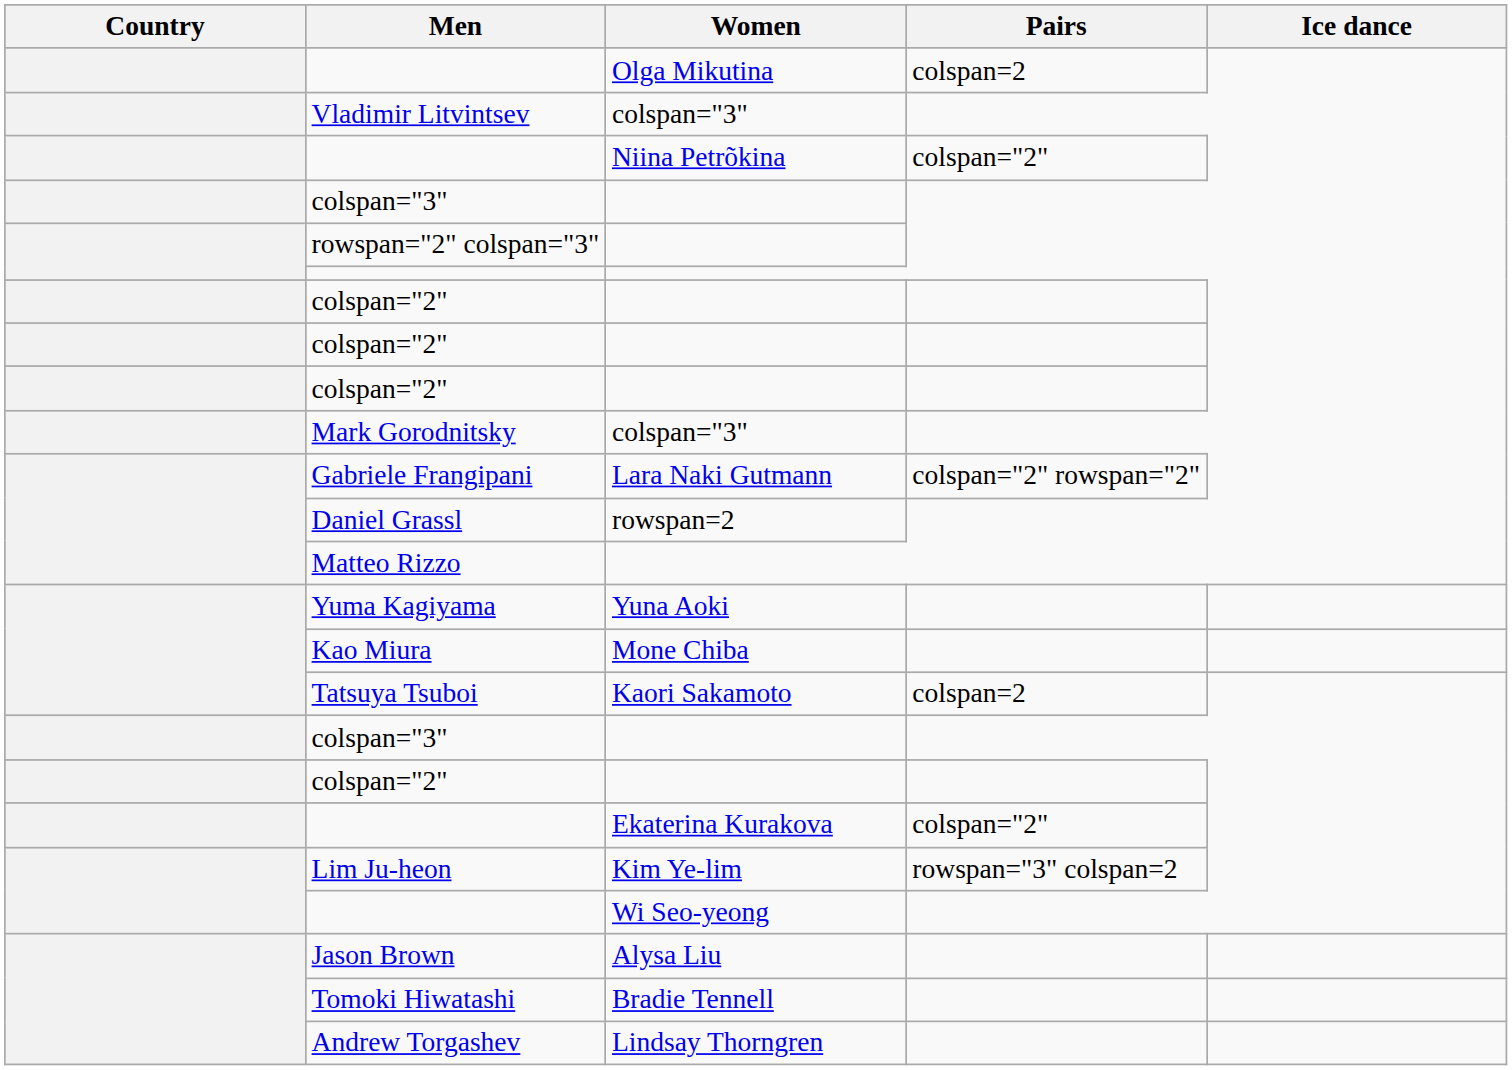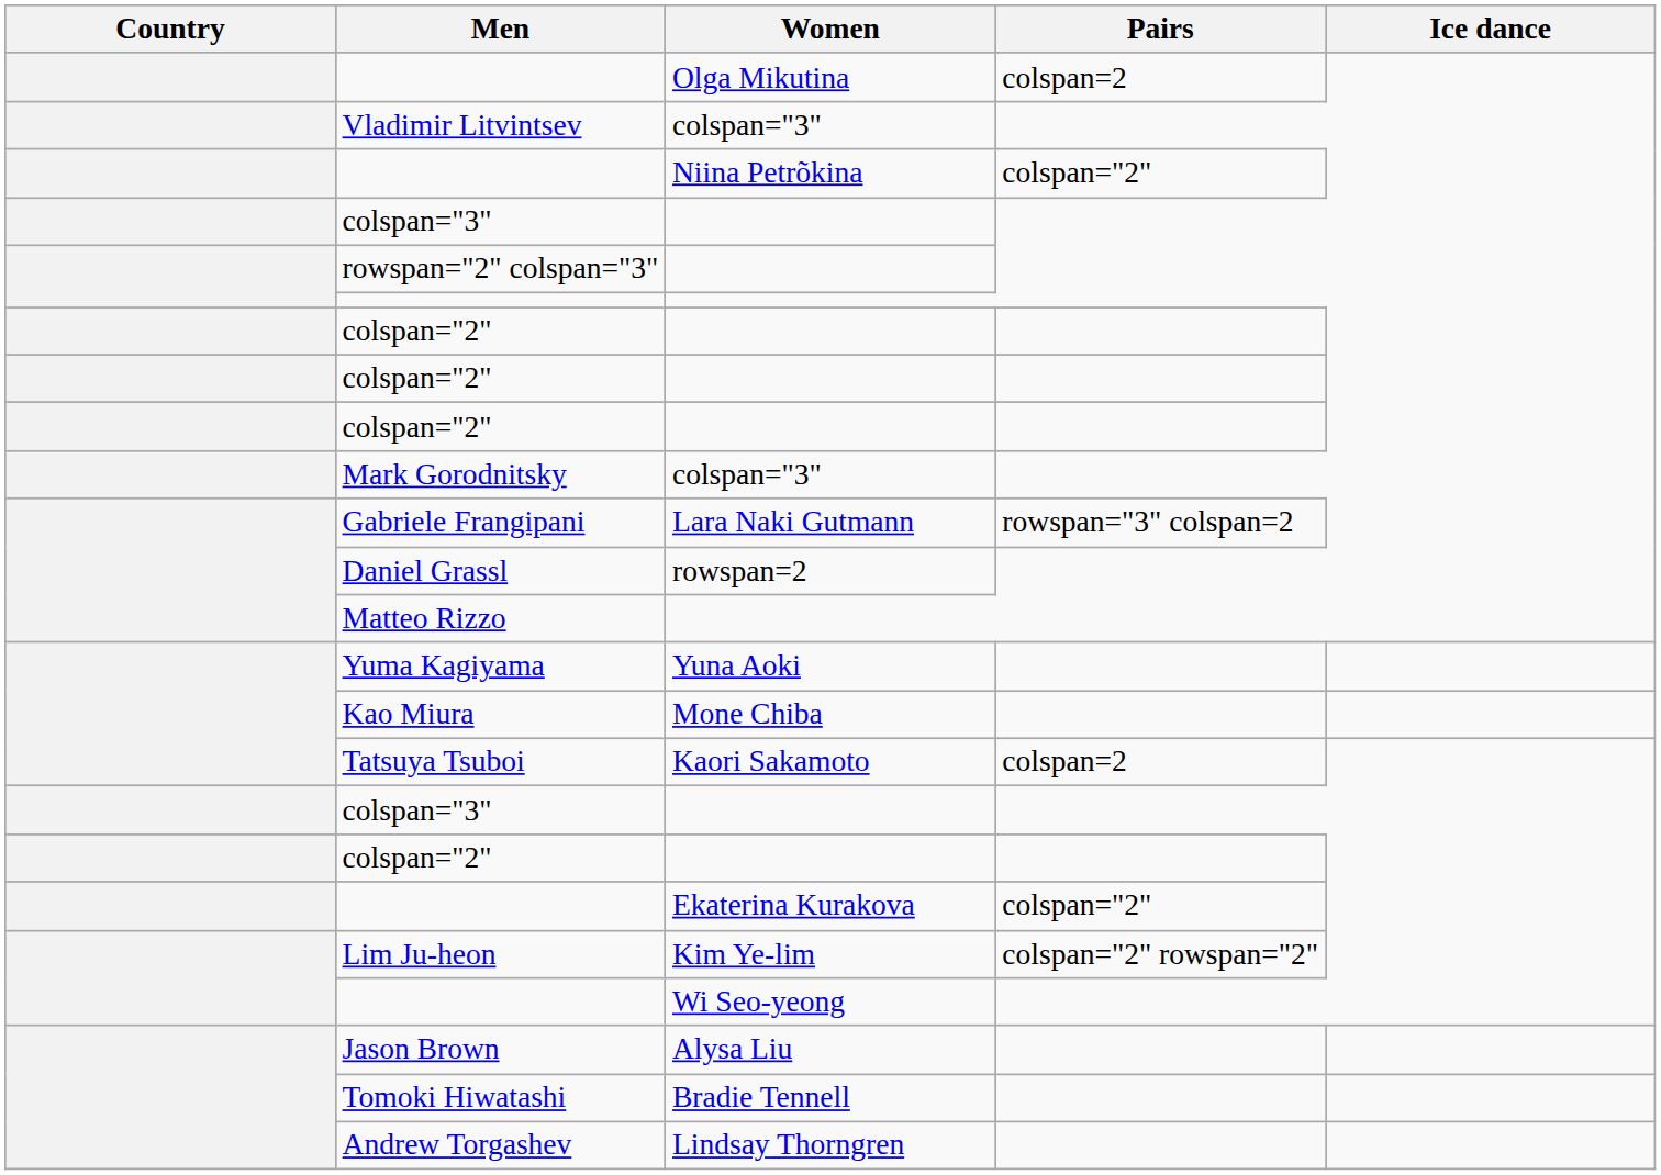 <table class="wikitable unsortable" style="text-align:left;">
 <tr>
 <th scope="col" style="text-align:center; width:20%">Country</th>
 <th scope="col" style="text-align:center; width:20%">Men</th>
 <th scope="col" style="text-align:center; width:20%">Women</th>
 <th scope="col" style="text-align:center; width:20%">Pairs</th>
 <th scope="col" style="text-align:center; width:20%">Ice dance</th>
 </tr>
 <tr>
 <th scope="row" style="text-align:left"></th>
 <td></td>
 <td><a href='#'>Olga Mikutina</a></td>
 <td>colspan=2 </td>
 </tr>
 <tr>
 <th scope="row" style="text-align:left"></th>
 <td><a href='#'>Vladimir Litvintsev</a></td>
 <td>colspan="3" </td>
 </tr>
 <tr>
 <th scope="row" style="text-align:left"></th>
 <td></td>
 <td><a href='#'>Niina Petrõkina</a></td>
 <td>colspan="2" </td>
 </tr>
 <tr>
 <th scope="row" style="text-align:left"></th>
 <td>colspan="3" </td>
 <td></td>
 </tr>
 <tr>
 <th rowspan="2" scope="row" style="text-align:left"></th>
 <td>rowspan="2" colspan="3" </td>
 <td></td>
 </tr>
 <tr>
 <td></td>
 </tr>
 <tr>
 <th scope="row" style="text-align:left"></th>
 <td>colspan="2" </td>
 <td></td>
 <td></td>
 </tr>
 <tr>
 <th scope="row" style="text-align:left"></th>
 <td>colspan="2" </td>
 <td></td>
 <td></td>
 </tr>
 <tr>
 <th scope="row" style="text-align:left"></th>
 <td>colspan="2" </td>
 <td></td>
 <td></td>
 </tr>
 <tr>
 <th scope="row" style="text-align:left"></th>
 <td><a href='#'>Mark Gorodnitsky</a></td>
 <td>colspan="3" </td>
 </tr>
 <tr>
 <th scope="row" style="text-align:left" rowspan="3"></th>
 <td><a href='#'>Gabriele Frangipani</a></td>
 <td><a href='#'>Lara Naki Gutmann</a></td>
-<td>colspan="2" rowspan="2" </td>
+<td>rowspan="3" colspan=2 </td>
 </tr>
 <tr>
 <td><a href='#'>Daniel Grassl</a></td>
 <td>rowspan=2 </td>
 </tr>
 <tr>
 <td><a href='#'>Matteo Rizzo</a></td>
 </tr>
 <tr>
 <th scope="row" style="text-align:left" rowspan="3"></th>
 <td><a href='#'>Yuma Kagiyama</a></td>
 <td><a href='#'>Yuna Aoki</a></td>
 <td></td>
 <td></td>
 </tr>
 <tr>
 <td><a href='#'>Kao Miura</a></td>
 <td><a href='#'>Mone Chiba</a></td>
 <td></td>
 <td></td>
 </tr>
 <tr>
 <td><a href='#'>Tatsuya Tsuboi</a></td>
 <td><a href='#'>Kaori Sakamoto</a></td>
 <td>colspan=2 </td>
 </tr>
 <tr>
 <th scope="row" style="text-align:left"></th>
 <td>colspan="3" </td>
 <td></td>
 </tr>
 <tr>
 <th scope="row" style="text-align:left"></th>
 <td>colspan="2" </td>
 <td></td>
 <td></td>
 </tr>
 <tr>
 <th scope="row" style="text-align:left"></th>
 <td></td>
 <td><a href='#'>Ekaterina Kurakova</a></td>
 <td>colspan="2" </td>
 </tr>
 <tr>
 <th scope="row" style="text-align:left" rowspan="2"></th>
 <td><a href='#'>Lim Ju-heon</a></td>
 <td><a href='#'>Kim Ye-lim</a></td>
-<td>rowspan="3" colspan=2 </td>
+<td>colspan="2" rowspan="2" </td>
 </tr>
 <tr>
 <td></td>
 <td><a href='#'>Wi Seo-yeong</a></td>
 </tr>
 <tr>
 <th scope="row" style="text-align:left" rowspan="3"></th>
 <td><a href='#'>Jason Brown</a></td>
 <td><a href='#'>Alysa Liu</a></td>
 <td></td>
 <td></td>
 </tr>
 <tr>
 <td><a href='#'>Tomoki Hiwatashi</a></td>
 <td><a href='#'>Bradie Tennell</a></td>
 <td></td>
 <td></td>
 </tr>
 <tr>
 <td><a href='#'>Andrew Torgashev</a></td>
 <td><a href='#'>Lindsay Thorngren</a></td>
 <td></td>
 <td></td>
 </tr>
 </table>
